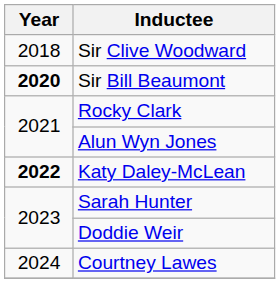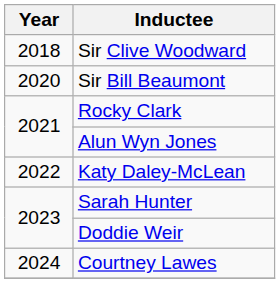 <table class="wikitable">
 <tr>
 <th width=50>Year</th>
 <th width=160>Inductee</th>
 </tr>
 <tr>
 <td align=center>2018</td>
 <td> Sir <a href='#'>Clive Woodward</a></td>
 </tr>
 <tr>
-<td align=center><strong>2020</strong></td>
+<td align=center>2020</td>
 <td> Sir <a href='#'>Bill Beaumont</a></td>
 </tr>
 <tr>
 <td align=center rowspan=2>2021</td>
 <td> <a href='#'>Rocky Clark</a></td>
 </tr>
 <tr>
 <td> <a href='#'>Alun Wyn Jones</a></td>
 </tr>
 <tr>
-<td align=center><strong>2022</strong></td>
+<td align=center>2022</td>
 <td> <a href='#'>Katy Daley-McLean</a></td>
 </tr>
 <tr>
 <td align=center rowspan=2>2023</td>
 <td> <a href='#'>Sarah Hunter</a></td>
 </tr>
 <tr>
 <td> <a href='#'>Doddie Weir</a></td>
 </tr>
 <tr>
 <td align=center>2024</td>
 <td> <a href='#'>Courtney Lawes</a></td>
 </tr>
 <tr>
 </tr>
 </table>
